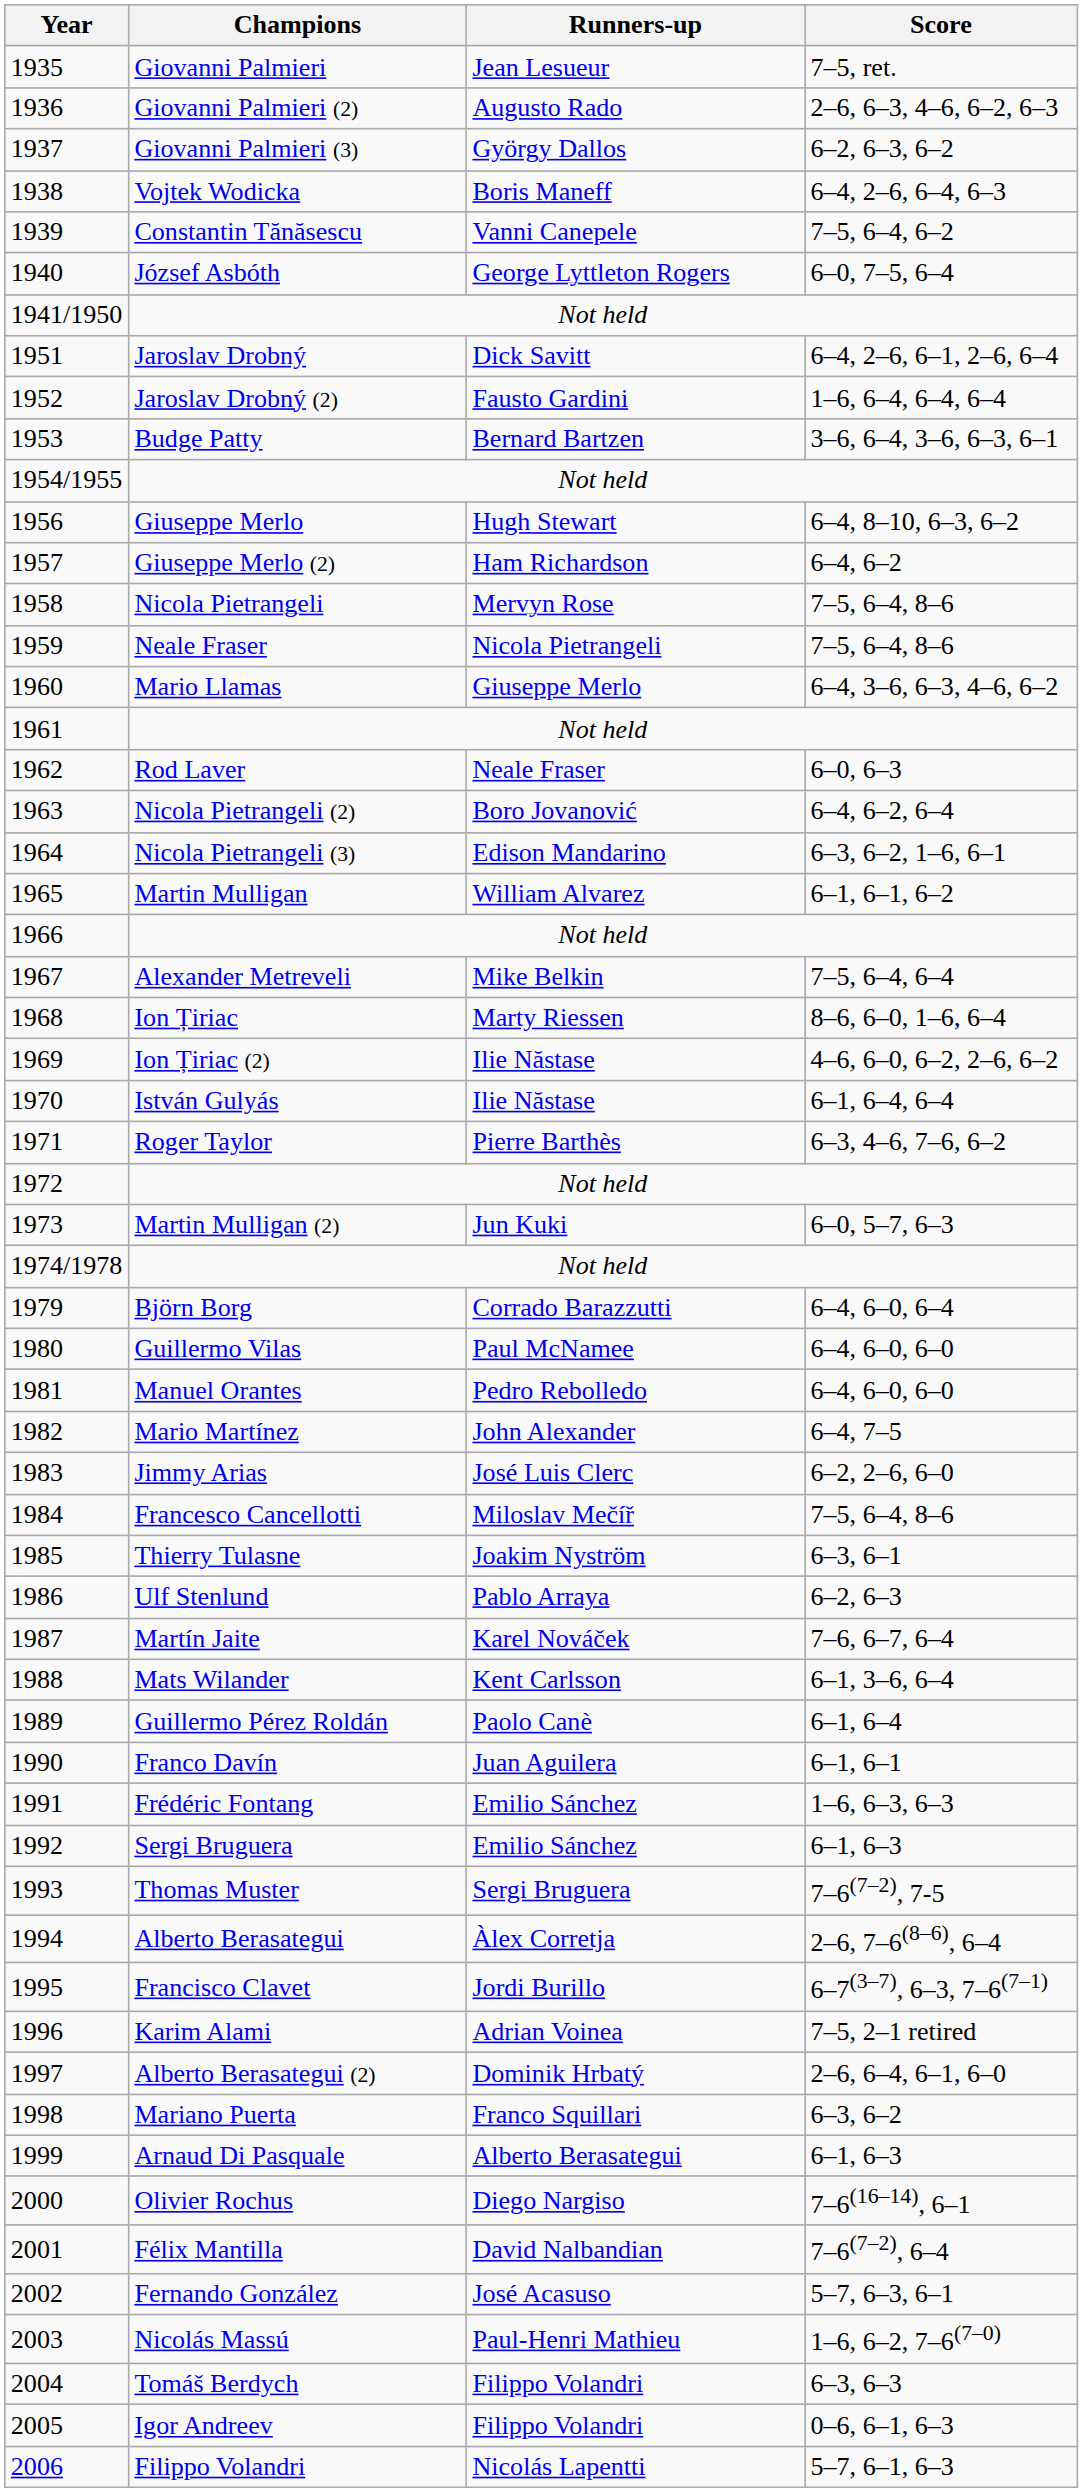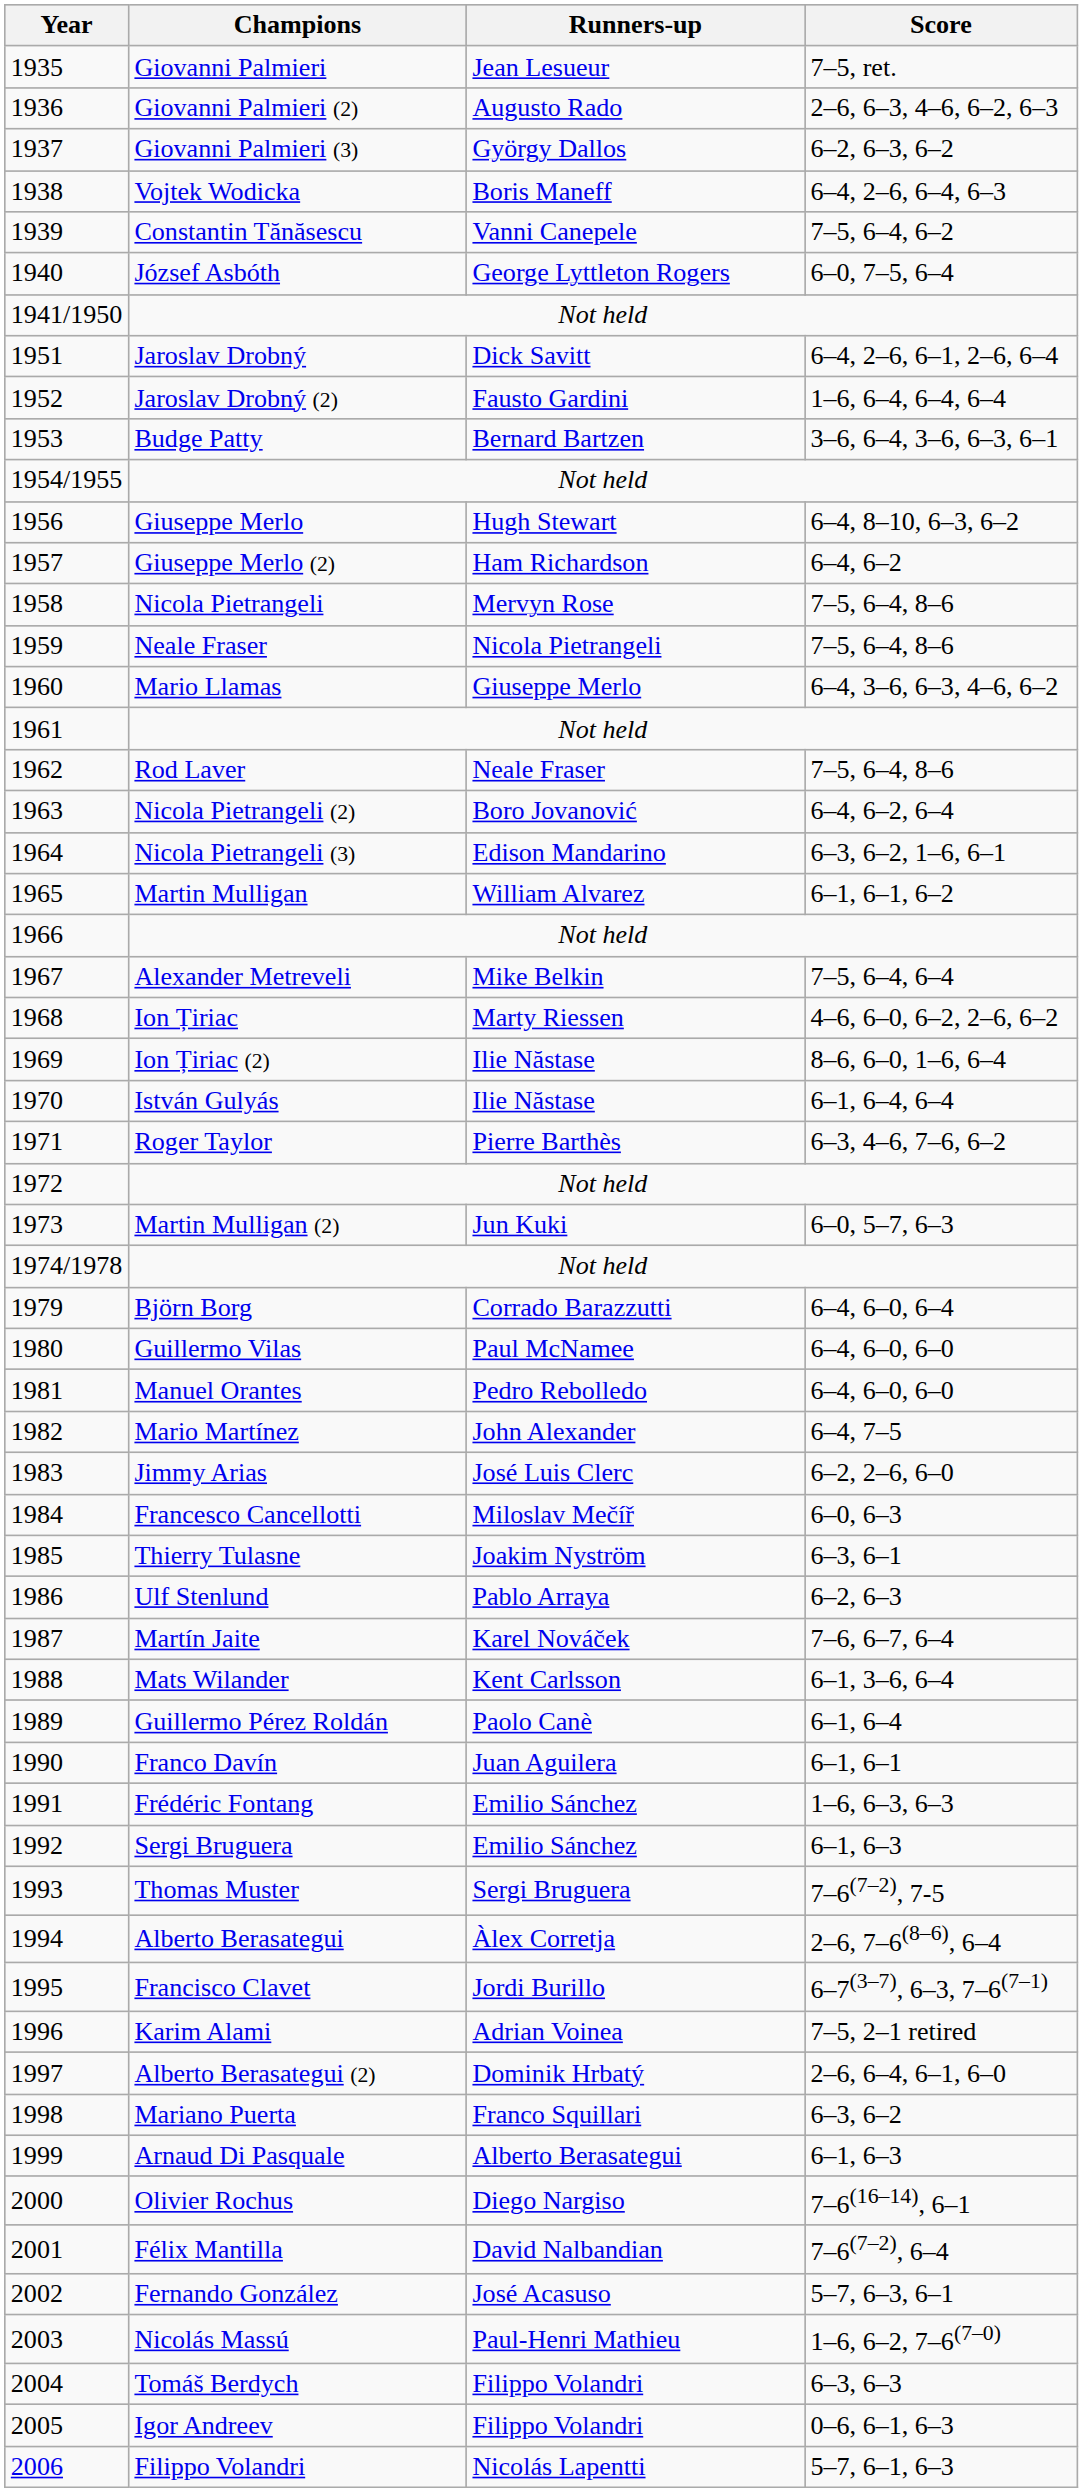 <table class="wikitable">
 <tr>
 <th style="width:40px">Year</th>
 <th style="width:200px">Champions</th>
 <th style="width:200px">Runners-up</th>
 <th style="width:160px" class="unsortable">Score</th>
 </tr>
 <tr>
 <td>1935</td>
 <td>  <a href='#'>Giovanni Palmieri</a></td>
 <td> <a href='#'>Jean Lesueur</a></td>
 <td>7–5, ret.</td>
 </tr>
 <tr>
 <td>1936</td>
 <td>  <a href='#'>Giovanni Palmieri</a> <small>(2)</small></td>
 <td> <a href='#'>Augusto Rado</a></td>
 <td>2–6, 6–3, 4–6, 6–2, 6–3</td>
 </tr>
 <tr>
 <td>1937</td>
 <td>  <a href='#'>Giovanni Palmieri</a> <small>(3)</small></td>
 <td> <a href='#'>György Dallos</a></td>
 <td>6–2, 6–3, 6–2</td>
 </tr>
 <tr>
 <td>1938</td>
 <td> <a href='#'>Vojtek Wodicka</a></td>
 <td> <a href='#'>Boris Maneff</a></td>
 <td>6–4, 2–6, 6–4, 6–3</td>
 </tr>
 <tr>
 <td>1939</td>
 <td> <a href='#'>Constantin Tănăsescu</a></td>
 <td> <a href='#'>Vanni Canepele</a></td>
 <td>7–5, 6–4, 6–2</td>
 </tr>
 <tr>
 <td>1940</td>
 <td> <a href='#'>József Asbóth</a></td>
 <td> <a href='#'>George Lyttleton Rogers</a></td>
 <td>6–0, 7–5, 6–4</td>
 </tr>
 <tr>
 <td>1941/1950</td>
 <td colspan=4 align=center><em>Not held</em></td>
 </tr>
 <tr>
 <td>1951</td>
 <td> <a href='#'>Jaroslav Drobný</a></td>
 <td> <a href='#'>Dick Savitt</a></td>
 <td>6–4, 2–6, 6–1, 2–6, 6–4</td>
 </tr>
 <tr>
 <td>1952</td>
 <td> <a href='#'>Jaroslav Drobný</a> <small>(2)</small></td>
 <td> <a href='#'>Fausto Gardini</a></td>
 <td>1–6, 6–4, 6–4, 6–4</td>
 </tr>
 <tr>
 <td>1953</td>
 <td> <a href='#'>Budge Patty</a></td>
 <td> <a href='#'>Bernard Bartzen</a></td>
 <td>3–6, 6–4, 3–6, 6–3, 6–1</td>
 </tr>
 <tr>
 <td>1954/1955</td>
 <td colspan=4 align=center><em>Not held</em></td>
 </tr>
 <tr>
 <td>1956</td>
 <td> <a href='#'>Giuseppe Merlo</a></td>
 <td> <a href='#'>Hugh Stewart</a></td>
 <td>6–4, 8–10, 6–3, 6–2</td>
 </tr>
 <tr>
 <td>1957</td>
 <td> <a href='#'>Giuseppe Merlo</a> <small>(2)</small></td>
 <td> <a href='#'>Ham Richardson</a></td>
 <td>6–4, 6–2</td>
 </tr>
 <tr>
 <td>1958</td>
 <td> <a href='#'>Nicola Pietrangeli</a></td>
 <td> <a href='#'>Mervyn Rose</a></td>
 <td>7–5, 6–4, 8–6</td>
 </tr>
 <tr>
 <td>1959</td>
 <td> <a href='#'>Neale Fraser</a></td>
 <td> <a href='#'>Nicola Pietrangeli</a></td>
 <td>7–5, 6–4, 8–6</td>
 </tr>
 <tr>
 <td>1960</td>
 <td> <a href='#'>Mario Llamas</a></td>
 <td> <a href='#'>Giuseppe Merlo</a></td>
 <td>6–4, 3–6, 6–3, 4–6, 6–2</td>
 </tr>
 <tr>
 <td>1961</td>
 <td colspan=4 align=center><em>Not held</em></td>
 </tr>
 <tr>
 <td>1962</td>
 <td> <a href='#'>Rod Laver</a></td>
 <td>  <a href='#'>Neale Fraser</a></td>
-<td>6–0, 6–3</td>
+<td>7–5, 6–4, 8–6</td>
 </tr>
 <tr>
 <td>1963</td>
 <td> <a href='#'>Nicola Pietrangeli</a> <small>(2)</small></td>
 <td>  <a href='#'>Boro Jovanović</a></td>
 <td>6–4, 6–2, 6–4</td>
 </tr>
 <tr>
 <td>1964</td>
 <td> <a href='#'>Nicola Pietrangeli</a> <small>(3)</small></td>
 <td>  <a href='#'>Edison Mandarino</a></td>
 <td>6–3, 6–2, 1–6, 6–1</td>
 </tr>
 <tr>
 <td>1965</td>
 <td> <a href='#'>Martin Mulligan</a></td>
 <td>  <a href='#'>William Alvarez</a></td>
 <td>6–1, 6–1, 6–2</td>
 </tr>
 <tr>
 <td>1966</td>
 <td colspan=4 align=center><em>Not held</em></td>
 </tr>
 <tr>
 <td>1967</td>
 <td> <a href='#'>Alexander Metreveli</a></td>
 <td>  <a href='#'>Mike Belkin</a></td>
 <td>7–5, 6–4, 6–4</td>
 </tr>
 <tr>
 <td>1968</td>
 <td> <a href='#'>Ion Țiriac</a></td>
 <td>  <a href='#'>Marty Riessen</a></td>
-<td>8–6, 6–0, 1–6, 6–4</td>
+<td>4–6, 6–0, 6–2, 2–6, 6–2</td>
 </tr>
 <tr>
 <td>1969</td>
 <td>  <a href='#'>Ion Țiriac</a> <small>(2)</small></td>
 <td> <a href='#'>Ilie Năstase</a></td>
-<td>4–6, 6–0, 6–2, 2–6, 6–2</td>
+<td>8–6, 6–0, 1–6, 6–4</td>
 </tr>
 <tr>
 <td>1970</td>
 <td> <a href='#'>István Gulyás</a></td>
 <td> <a href='#'>Ilie Năstase</a></td>
 <td>6–1, 6–4, 6–4</td>
 </tr>
 <tr>
 <td>1971</td>
 <td> <a href='#'>Roger Taylor</a></td>
 <td> <a href='#'>Pierre Barthès</a></td>
 <td>6–3, 4–6, 7–6, 6–2</td>
 </tr>
 <tr>
 <td>1972</td>
 <td colspan=4 align=center><em>Not held</em></td>
 </tr>
 <tr>
 <td>1973</td>
 <td> <a href='#'>Martin Mulligan</a> <small>(2)</small></td>
 <td> <a href='#'>Jun Kuki</a></td>
 <td>6–0, 5–7, 6–3</td>
 </tr>
 <tr>
 <td>1974/1978</td>
 <td colspan=4 align=center><em>Not held</em></td>
 </tr>
 <tr>
 <td>1979</td>
 <td> <a href='#'>Björn Borg</a></td>
 <td> <a href='#'>Corrado Barazzutti</a></td>
 <td>6–4, 6–0, 6–4</td>
 </tr>
 <tr>
 <td>1980</td>
 <td> <a href='#'>Guillermo Vilas</a></td>
 <td> <a href='#'>Paul McNamee</a></td>
 <td>6–4, 6–0, 6–0</td>
 </tr>
 <tr>
 <td>1981</td>
 <td> <a href='#'>Manuel Orantes</a></td>
 <td> <a href='#'>Pedro Rebolledo</a></td>
 <td>6–4, 6–0, 6–0</td>
 </tr>
 <tr>
 <td>1982</td>
 <td> <a href='#'>Mario Martínez</a></td>
 <td> <a href='#'>John Alexander</a></td>
 <td>6–4, 7–5</td>
 </tr>
 <tr>
 <td>1983</td>
 <td> <a href='#'>Jimmy Arias</a></td>
 <td> <a href='#'>José Luis Clerc</a></td>
 <td>6–2, 2–6, 6–0</td>
 </tr>
 <tr>
 <td>1984</td>
 <td> <a href='#'>Francesco Cancellotti</a></td>
 <td> <a href='#'>Miloslav Mečíř</a></td>
-<td>7–5, 6–4, 8–6</td>
+<td>6–0, 6–3</td>
 </tr>
 <tr>
 <td>1985</td>
 <td> <a href='#'>Thierry Tulasne</a></td>
 <td> <a href='#'>Joakim Nyström</a></td>
 <td>6–3, 6–1</td>
 </tr>
 <tr>
 <td>1986</td>
 <td> <a href='#'>Ulf Stenlund</a></td>
 <td> <a href='#'>Pablo Arraya</a></td>
 <td>6–2, 6–3</td>
 </tr>
 <tr>
 <td>1987</td>
 <td> <a href='#'>Martín Jaite</a></td>
 <td> <a href='#'>Karel Nováček</a></td>
 <td>7–6, 6–7, 6–4</td>
 </tr>
 <tr>
 <td>1988</td>
 <td> <a href='#'>Mats Wilander</a></td>
 <td> <a href='#'>Kent Carlsson</a></td>
 <td>6–1, 3–6, 6–4</td>
 </tr>
 <tr>
 <td>1989</td>
 <td> <a href='#'>Guillermo Pérez Roldán</a></td>
 <td> <a href='#'>Paolo Canè</a></td>
 <td>6–1, 6–4</td>
 </tr>
 <tr>
 <td>1990</td>
 <td> <a href='#'>Franco Davín</a></td>
 <td> <a href='#'>Juan Aguilera</a></td>
 <td>6–1, 6–1</td>
 </tr>
 <tr>
 <td>1991</td>
 <td> <a href='#'>Frédéric Fontang</a></td>
 <td> <a href='#'>Emilio Sánchez</a></td>
 <td>1–6, 6–3, 6–3</td>
 </tr>
 <tr>
 <td>1992</td>
 <td> <a href='#'>Sergi Bruguera</a></td>
 <td> <a href='#'>Emilio Sánchez</a></td>
 <td>6–1, 6–3</td>
 </tr>
 <tr>
 <td>1993</td>
 <td> <a href='#'>Thomas Muster</a></td>
 <td> <a href='#'>Sergi Bruguera</a></td>
 <td>7–6<sup>(7–2)</sup>, 7-5</td>
 </tr>
 <tr>
 <td>1994</td>
 <td> <a href='#'>Alberto Berasategui</a></td>
 <td> <a href='#'>Àlex Corretja</a></td>
 <td>2–6, 7–6<sup>(8–6)</sup>, 6–4</td>
 </tr>
 <tr>
 <td>1995</td>
 <td> <a href='#'>Francisco Clavet</a></td>
 <td> <a href='#'>Jordi Burillo</a></td>
 <td>6–7<sup>(3–7)</sup>, 6–3, 7–6<sup>(7–1)</sup></td>
 </tr>
 <tr>
 <td>1996</td>
 <td> <a href='#'>Karim Alami</a></td>
 <td> <a href='#'>Adrian Voinea</a></td>
 <td>7–5, 2–1 retired</td>
 </tr>
 <tr>
 <td>1997</td>
 <td> <a href='#'>Alberto Berasategui</a> <small>(2)</small></td>
 <td> <a href='#'>Dominik Hrbatý</a></td>
 <td>2–6, 6–4, 6–1, 6–0</td>
 </tr>
 <tr>
 <td>1998</td>
 <td> <a href='#'>Mariano Puerta</a></td>
 <td> <a href='#'>Franco Squillari</a></td>
 <td>6–3, 6–2</td>
 </tr>
 <tr>
 <td>1999</td>
 <td> <a href='#'>Arnaud Di Pasquale</a></td>
 <td> <a href='#'>Alberto Berasategui</a></td>
 <td>6–1, 6–3</td>
 </tr>
 <tr>
 <td>2000</td>
 <td> <a href='#'>Olivier Rochus</a></td>
 <td> <a href='#'>Diego Nargiso</a></td>
 <td>7–6<sup>(16–14)</sup>, 6–1</td>
 </tr>
 <tr>
 <td>2001</td>
 <td> <a href='#'>Félix Mantilla</a></td>
 <td> <a href='#'>David Nalbandian</a></td>
 <td>7–6<sup>(7–2)</sup>, 6–4</td>
 </tr>
 <tr>
 <td>2002</td>
 <td> <a href='#'>Fernando González</a></td>
 <td> <a href='#'>José Acasuso</a></td>
 <td>5–7, 6–3, 6–1</td>
 </tr>
 <tr>
 <td>2003</td>
 <td> <a href='#'>Nicolás Massú</a></td>
 <td> <a href='#'>Paul-Henri Mathieu</a></td>
 <td>1–6, 6–2, 7–6<sup>(7–0)</sup></td>
 </tr>
 <tr>
 <td>2004</td>
 <td> <a href='#'>Tomáš Berdych</a></td>
 <td> <a href='#'>Filippo Volandri</a></td>
 <td>6–3, 6–3</td>
 </tr>
 <tr>
 <td>2005</td>
 <td> <a href='#'>Igor Andreev</a></td>
 <td> <a href='#'>Filippo Volandri</a></td>
 <td>0–6, 6–1, 6–3</td>
 </tr>
 <tr>
 <td><a href='#'>2006</a></td>
 <td> <a href='#'>Filippo Volandri</a></td>
 <td> <a href='#'>Nicolás Lapentti</a></td>
 <td>5–7, 6–1, 6–3</td>
 </tr>
 </table>
